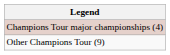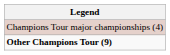 <table class="wikitable" style="font-size:95%;">
 <tr>
 <th>Legend</th>
 </tr>
 <tr style="background:#e5d1cb;">
 <td>Champions Tour major championships (4)</td>
 </tr>
 <tr>
-<td>Other Champions Tour (9)</td>
+<td><strong>Other Champions Tour (9)</strong></td>
 </tr>
 </table>
